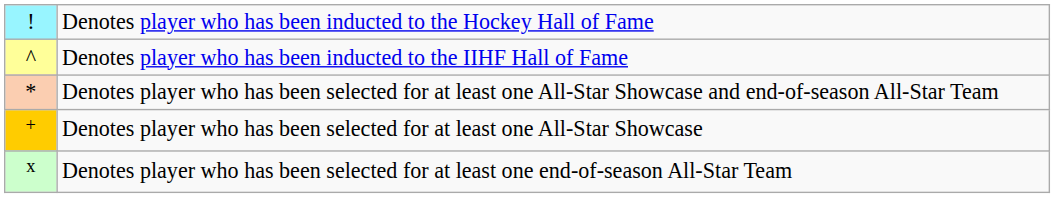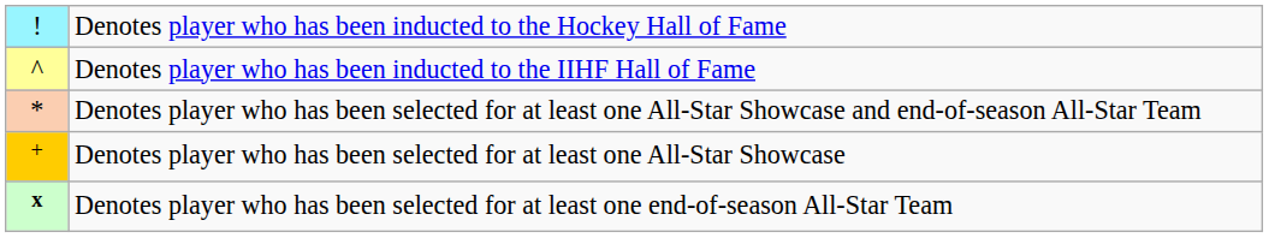 <table class="wikitable" style="width:60%;">
 <tr>
 <td bgcolor=#98f5ff width="5%" align=center>!</td>
 <td>Denotes <a href='#'>player who has been inducted to the Hockey Hall of Fame</a></td>
 </tr>
 <tr>
 <td bgcolor=#FFFF99 width="5%" align=center>^</td>
 <td>Denotes <a href='#'>player who has been inducted to the IIHF Hall of Fame</a></td>
 </tr>
 <tr>
 <td bgcolor=#FBCEB1 width="5%" align=center>*</td>
 <td>Denotes player who has been selected for at least one All-Star Showcase and end-of-season All-Star Team</td>
 </tr>
 <tr>
 <td bgcolor=#FFCC00 width="5%" align=center><sup>+</sup></td>
 <td>Denotes player who has been selected for at least one All-Star Showcase</td>
 </tr>
 <tr>
-<td bgcolor=#CCFFCC width="5%" align=center><sup>x</sup></td>
+<td bgcolor=#CCFFCC width="5%" align=center><strong><sup>x</sup></strong></td>
 <td>Denotes player who has been selected for at least one end-of-season All-Star Team</td>
 </tr>
 </table>
